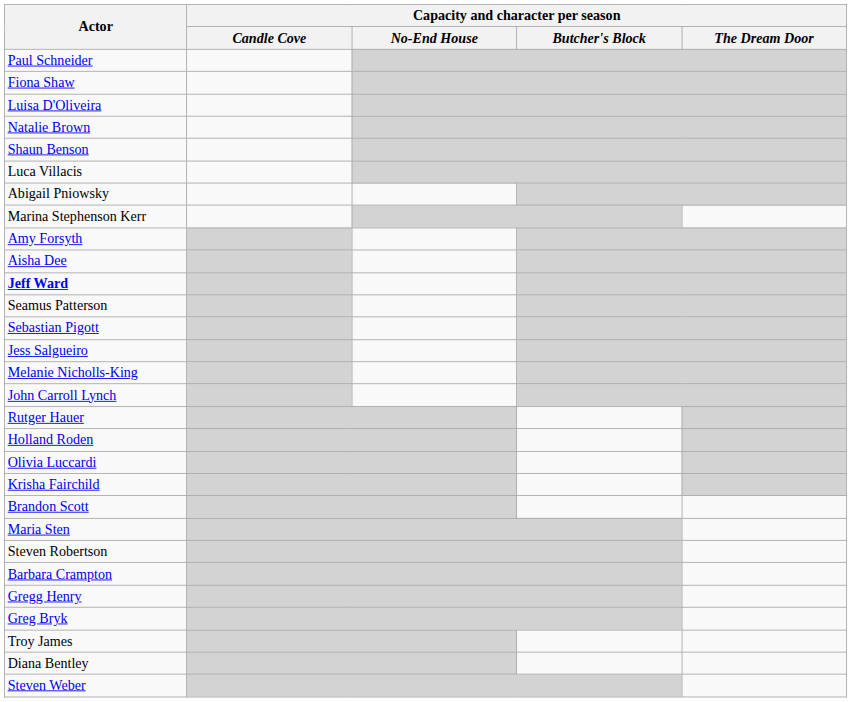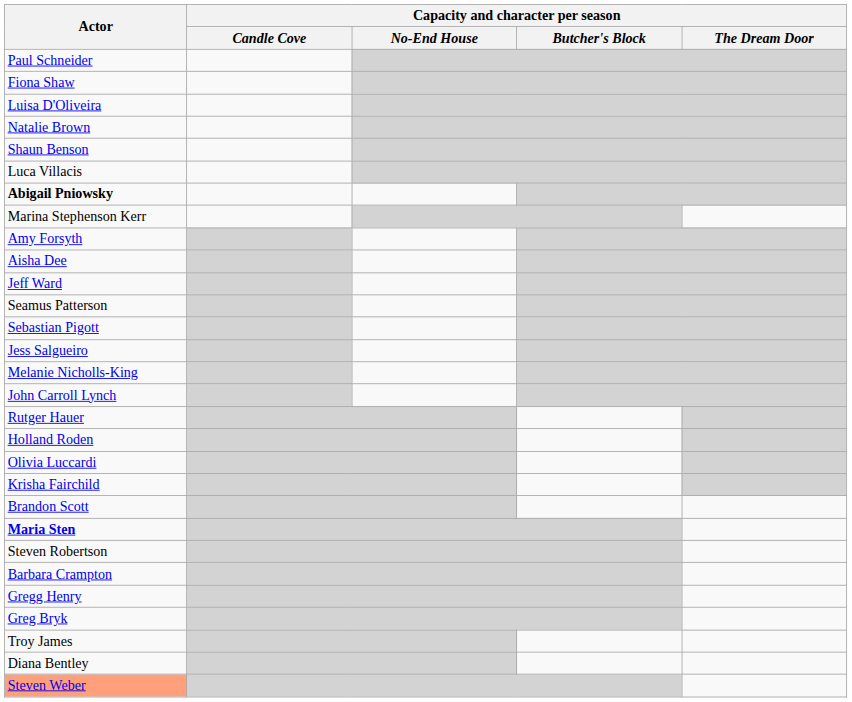 <table class="wikitable plainrowheaders">
 <tr>
 <th scope="col" rowspan="2" width="200px">Actor</th>
 <th colspan="4" scope="col">Capacity and character per season</th>
 </tr>
 <tr>
 <th scope="col" style="width: 180px"><em>Candle Cove</em></th>
 <th scope="col" style="width: 180px"><em>No-End House</em></th>
 <th scope="col" style="width: 180px"><em>Butcher's Block</em></th>
 <th scope="col" style="width: 180px"><em>The Dream Door</em></th>
 </tr>
 <tr>
 <td><a href='#'>Paul Schneider</a></td>
 <td></td>
 <td colspan="3" style="background-color:lightgrey;"> </td>
 </tr>
 <tr>
 <td><a href='#'>Fiona Shaw</a></td>
 <td></td>
 <td colspan="3" style="background-color:lightgrey;"> </td>
 </tr>
 <tr>
 <td><a href='#'>Luisa D'Oliveira</a></td>
 <td></td>
 <td colspan="3" style="background-color:lightgrey;"> </td>
 </tr>
 <tr>
 <td><a href='#'>Natalie Brown</a></td>
 <td></td>
 <td colspan="3" style="background-color:lightgrey;"> </td>
 </tr>
 <tr>
 <td><a href='#'>Shaun Benson</a></td>
 <td></td>
 <td colspan="3" style="background-color:lightgrey;"> </td>
 </tr>
 <tr>
 <td>Luca Villacis</td>
 <td></td>
 <td colspan="3" style="background-color:lightgrey;"> </td>
 </tr>
 <tr>
-<td>Abigail Pniowsky</td>
+<td><strong>Abigail Pniowsky</strong></td>
 <td></td>
 <td></td>
 <td colspan="2" style="background-color:lightgrey;"> </td>
 </tr>
 <tr>
 <td>Marina Stephenson Kerr</td>
 <td></td>
 <td colspan="2" style="background-color:lightgrey;"> </td>
 <td></td>
 </tr>
 <tr>
 <td><a href='#'>Amy Forsyth</a></td>
 <td style="background-color:lightgrey;"> </td>
 <td></td>
 <td colspan="2" style="background-color:lightgrey;"> </td>
 </tr>
 <tr>
 <td><a href='#'>Aisha Dee</a></td>
 <td style="background-color:lightgrey;"> </td>
 <td></td>
 <td colspan="2" style="background-color:lightgrey;"> </td>
 </tr>
 <tr>
-<td><strong><a href='#'>Jeff Ward</a></strong></td>
+<td><a href='#'>Jeff Ward</a></td>
 <td style="background-color:lightgrey;"> </td>
 <td></td>
 <td colspan="2" style="background-color:lightgrey;"> </td>
 </tr>
 <tr>
 <td>Seamus Patterson</td>
 <td style="background-color:lightgrey;"> </td>
 <td></td>
 <td colspan="2" style="background-color:lightgrey;"> </td>
 </tr>
 <tr>
 <td><a href='#'>Sebastian Pigott</a></td>
 <td style="background-color:lightgrey;"> </td>
 <td></td>
 <td colspan="2" style="background-color:lightgrey;"> </td>
 </tr>
 <tr>
 <td><a href='#'>Jess Salgueiro</a></td>
 <td style="background-color:lightgrey;"> </td>
 <td></td>
 <td colspan="2" style="background-color:lightgrey;"> </td>
 </tr>
 <tr>
 <td><a href='#'>Melanie Nicholls-King</a></td>
 <td style="background-color:lightgrey;"> </td>
 <td></td>
 <td colspan="2" style="background-color:lightgrey;"> </td>
 </tr>
 <tr>
 <td><a href='#'>John Carroll Lynch</a></td>
 <td style="background-color:lightgrey;"> </td>
 <td></td>
 <td colspan="2" style="background-color:lightgrey;"> </td>
 </tr>
 <tr>
 <td><a href='#'>Rutger Hauer</a></td>
 <td colspan="2" style="background-color:lightgrey;"> </td>
 <td></td>
 <td style="background-color:lightgrey;"> </td>
 </tr>
 <tr>
 <td><a href='#'>Holland Roden</a></td>
 <td colspan="2" style="background-color:lightgrey;"> </td>
 <td></td>
 <td style="background-color:lightgrey;"> </td>
 </tr>
 <tr>
 <td><a href='#'>Olivia Luccardi</a></td>
 <td colspan="2" style="background-color:lightgrey;"> </td>
 <td></td>
 <td style="background-color:lightgrey;"> </td>
 </tr>
 <tr>
 <td><a href='#'>Krisha Fairchild</a></td>
 <td colspan="2" style="background-color:lightgrey;"> </td>
 <td></td>
 <td style="background-color:lightgrey;"> </td>
 </tr>
 <tr>
 <td><a href='#'>Brandon Scott</a></td>
 <td colspan="2" style="background-color:lightgrey;"> </td>
 <td></td>
 <td></td>
 </tr>
 <tr>
-<td><a href='#'>Maria Sten</a></td>
+<td><strong><a href='#'>Maria Sten</a></strong></td>
 <td colspan="3" style="background-color:lightgrey;"> </td>
 <td></td>
 </tr>
 <tr>
 <td>Steven Robertson</td>
 <td colspan="3" style="background-color:lightgrey;"> </td>
 <td></td>
 </tr>
 <tr>
 <td><a href='#'>Barbara Crampton</a></td>
 <td colspan="3" style="background-color:lightgrey;"> </td>
 <td></td>
 </tr>
 <tr>
 <td><a href='#'>Gregg Henry</a></td>
 <td colspan="3" style="background-color:lightgrey;"> </td>
 <td></td>
 </tr>
 <tr>
 <td><a href='#'>Greg Bryk</a></td>
 <td colspan="3" style="background-color:lightgrey;"> </td>
 <td></td>
 </tr>
 <tr>
 <td>Troy James</td>
 <td colspan="2" style="background-color:lightgrey;"> </td>
 <td></td>
 <td></td>
 </tr>
 <tr>
 <td>Diana Bentley</td>
 <td colspan="2" style="background-color:lightgrey;"> </td>
 <td></td>
 <td></td>
 </tr>
 <tr>
-<td><a href='#'>Steven Weber</a></td>
+<td style="background: lightsalmon;"><a href='#'>Steven Weber</a></td>
 <td colspan="3" style="background-color:lightgrey;"> </td>
 <td></td>
 </tr>
 </table>
